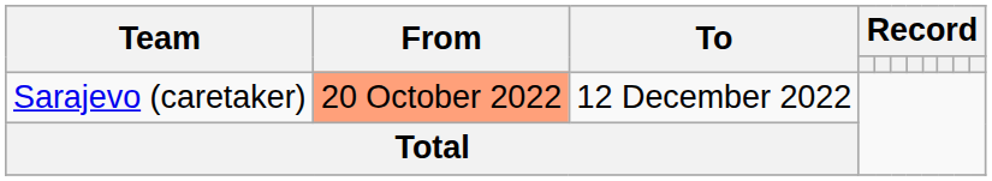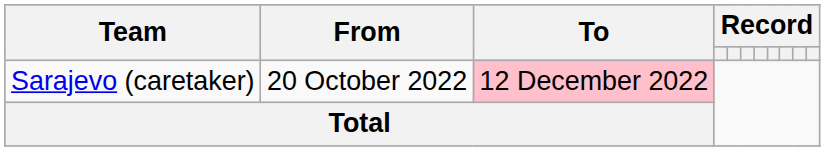 <table class="wikitable" style="text-align: center">
 <tr>
 <th rowspan="2">Team</th>
 <th rowspan="2">From</th>
 <th rowspan="2">To</th>
 <th colspan="8">Record</th>
 </tr>
 <tr>
 <th></th>
 <th></th>
 <th></th>
 <th></th>
 <th></th>
 <th></th>
 <th></th>
 <th></th>
 </tr>
 <tr>
 <td><a href='#'>Sarajevo</a> (caretaker)</td>
-<td style="background: lightsalmon;">20 October 2022</td>
-<td>12 December 2022<br></td>
+<td>20 October 2022</td>
+<td style="background: pink;">12 December 2022<br></td>
 </tr>
 <tr>
 <th colspan="3">Total<br></th>
 </tr>
 </table>
